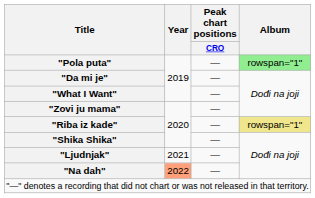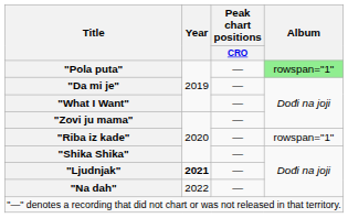 <table class="wikitable plainrowheaders" style="text-align:center;">
 <tr>
 <th scope="col" rowspan="2" style="width:16em;">Title</th>
 <th scope="col" rowspan="2" style="width:1em;">Year</th>
 <th scope="col" colspan="1">Peak chart positions</th>
 <th scope="col" rowspan="2">Album</th>
 </tr>
 <tr>
 <th scope="col" style="width:3em;font-size:85%;"><a href='#'>CRO</a><br></th>
 </tr>
 <tr>
 <th scope="row">"Pola puta"</th>
 <td rowspan="3">2019</td>
 <td>—</td>
 <td style="background: lightgreen;">rowspan="1" </td>
 </tr>
 <tr>
 <th scope="row">"Da mi je"</th>
 <td>—</td>
 <td rowspan="3"><em>Dođi na joji</em></td>
 </tr>
 <tr>
 <th scope="row">"What I Want"</th>
 <td>—</td>
 </tr>
 <tr>
 <th scope="row">"Zovi ju mama"</th>
 <td rowspan="3">2020</td>
 <td>—</td>
 </tr>
 <tr>
 <th scope="row">"Riba iz kade"</th>
 <td>—</td>
-<td style="background: khaki;">rowspan="1" </td>
+<td>rowspan="1" </td>
 </tr>
 <tr>
 <th scope="row">"Shika Shika"</th>
 <td>—</td>
 <td rowspan="3"><em>Dođi na joji</em></td>
 </tr>
 <tr>
 <th scope="row">"Ljudnjak"</th>
-<td>2021</td>
+<td><strong>2021</strong></td>
 <td>—</td>
 </tr>
 <tr>
 <th scope="row">"Na dah"</th>
-<td style="background: lightsalmon;">2022</td>
+<td>2022</td>
 <td>—</td>
 </tr>
 <tr>
 <td colspan="15" style="font-size:90%;">"—" denotes a recording that did not chart or was not released in that territory.</td>
 </tr>
 </table>
